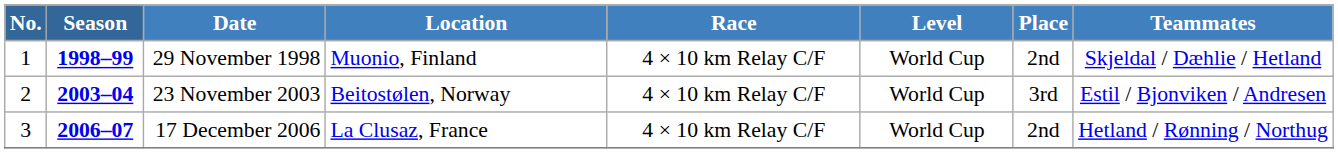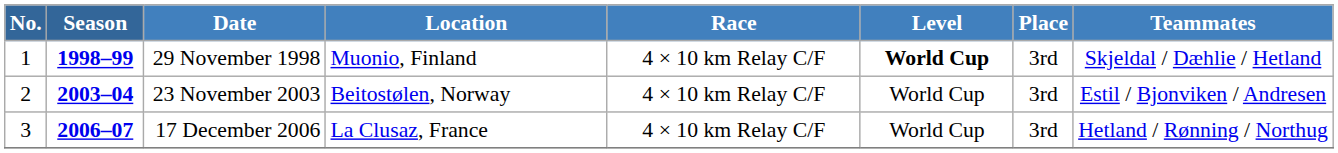 <table class="wikitable sortable" style="font-size:95%; text-align:center; border:grey solid 1px; border-collapse:collapse; background:#ffffff;">
 <tr style="background:#efefef;">
 <th style="background-color:#369; color:white;">No.</th>
 <th style="background-color:#369; color:white;">Season</th>
 <th style="background-color:#4180be; color:white; width:120px;">Date</th>
 <th style="background-color:#4180be; color:white; width:190px;">Location</th>
 <th style="background-color:#4180be; color:white; width:170px;">Race</th>
 <th style="background-color:#4180be; color:white; width:100px;">Level</th>
 <th style="background-color:#4180be; color:white;">Place</th>
 <th style="background-color:#4180be; color:white;">Teammates</th>
 </tr>
 <tr>
 <td align=center>1</td>
 <td rowspan=1 align=center><strong> <a href='#'>1998–99</a> </strong></td>
 <td align=right>29 November 1998</td>
 <td align=left> <a href='#'>Muonio</a>, Finland</td>
 <td>4 × 10 km Relay C/F</td>
-<td>World Cup</td>
-<td>2nd</td>
+<td><strong>World Cup</strong></td>
+<td>3rd</td>
 <td><a href='#'>Skjeldal</a> / <a href='#'>Dæhlie</a> / <a href='#'>Hetland</a></td>
 </tr>
 <tr>
 <td align=center>2</td>
 <td rowspan=1 align=center><strong> <a href='#'>2003–04</a> </strong></td>
 <td align=right>23 November 2003</td>
 <td align=left> <a href='#'>Beitostølen</a>, Norway</td>
 <td>4 × 10 km Relay C/F</td>
 <td>World Cup</td>
 <td>3rd</td>
 <td><a href='#'>Estil</a> / <a href='#'>Bjonviken</a> / <a href='#'>Andresen</a></td>
 </tr>
 <tr>
 <td align=center>3</td>
 <td rowspan=1 align=center><strong> <a href='#'>2006–07</a> </strong></td>
 <td align=right>17 December 2006</td>
 <td align=left> <a href='#'>La Clusaz</a>, France</td>
 <td>4 × 10 km Relay C/F</td>
 <td>World Cup</td>
-<td>2nd</td>
+<td>3rd</td>
 <td><a href='#'>Hetland</a> / <a href='#'>Rønning</a> / <a href='#'>Northug</a></td>
 </tr>
 <tr>
 </tr>
 </table>
